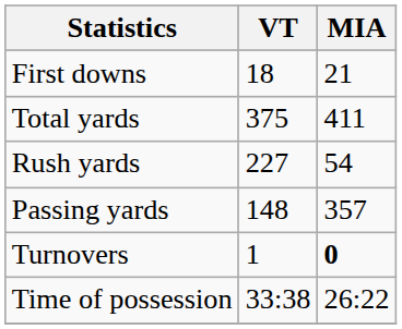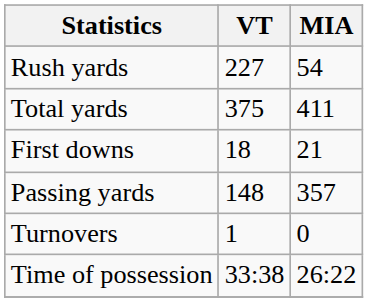 <table class="wikitable" style="float: left;">
 <tr>
 <th>Statistics</th>
 <th>VT</th>
 <th>MIA</th>
 </tr>
 <tr>
-<td>First downs</td>
-<td>18</td>
-<td>21</td>
+<td>Rush yards</td>
+<td>227</td>
+<td>54</td>
 </tr>
 <tr>
 <td>Total yards</td>
 <td>375</td>
 <td>411</td>
 </tr>
 <tr>
-<td>Rush yards</td>
-<td>227</td>
-<td>54</td>
+<td>First downs</td>
+<td>18</td>
+<td>21</td>
 </tr>
 <tr>
 <td>Passing yards</td>
 <td>148</td>
 <td>357</td>
 </tr>
 <tr>
 <td>Turnovers</td>
 <td>1</td>
-<td><strong>0</strong></td>
+<td>0</td>
 </tr>
 <tr>
 <td>Time of possession</td>
 <td>33:38</td>
 <td>26:22</td>
 </tr>
 <tr>
 </tr>
 </table>
